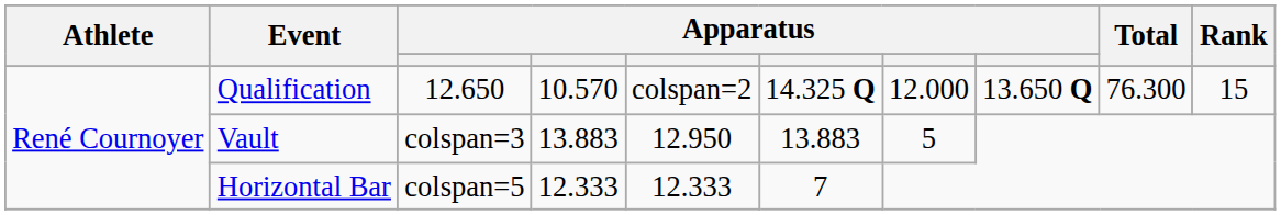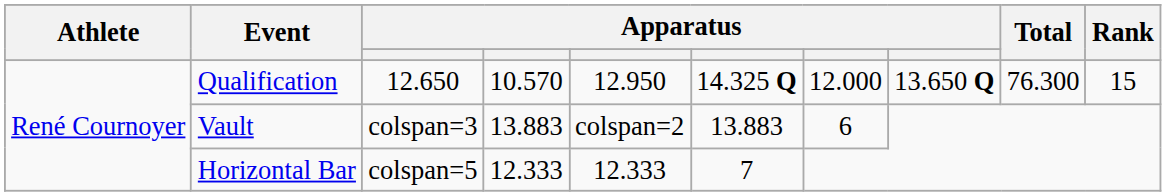 <table class="wikitable" style="font-size:90%">
 <tr>
 <th rowspan=2>Athlete</th>
 <th rowspan=2>Event</th>
 <th colspan =6>Apparatus</th>
 <th rowspan=2>Total</th>
 <th rowspan=2>Rank</th>
 </tr>
 <tr style="font-size:95%">
 <th></th>
 <th></th>
 <th></th>
 <th></th>
 <th></th>
 <th></th>
 </tr>
 <tr align=center>
 <td align=left rowspan=3><a href='#'>René Cournoyer</a></td>
 <td align=left><a href='#'>Qualification</a></td>
 <td>12.650</td>
 <td>10.570</td>
-<td>colspan=2 </td>
+<td>12.950</td>
 <td>14.325 <strong>Q</strong></td>
 <td>12.000</td>
 <td>13.650 <strong>Q</strong></td>
 <td>76.300</td>
 <td>15</td>
 </tr>
 <tr align=center>
 <td align=left><a href='#'>Vault</a></td>
 <td>colspan=3 </td>
 <td>13.883</td>
-<td>12.950</td>
+<td>colspan=2 </td>
 <td>13.883</td>
-<td>5</td>
+<td>6</td>
 </tr>
 <tr align=center>
 <td align=left><a href='#'>Horizontal Bar</a></td>
 <td>colspan=5 </td>
 <td>12.333</td>
 <td>12.333</td>
 <td>7</td>
 </tr>
 </table>
